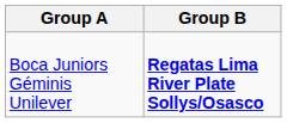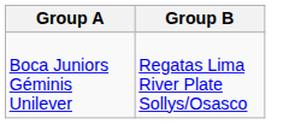 <table class="wikitable">
 <tr>
 <th width=45%>Group A</th>
 <th width=45%>Group B</th>
 </tr>
 <tr>
 <td><br> <a href='#'>Boca Juniors</a><br>  <a href='#'>Géminis</a><br>  <a href='#'>Unilever</a><br></td>
-<td><strong><br> <a href='#'>Regatas Lima</a><br>  <a href='#'>River Plate</a><br>  <a href='#'>Sollys/Osasco</a><br></strong></td>
+<td><br> <a href='#'>Regatas Lima</a><br>  <a href='#'>River Plate</a><br>  <a href='#'>Sollys/Osasco</a><br></td>
 </tr>
 </table>
